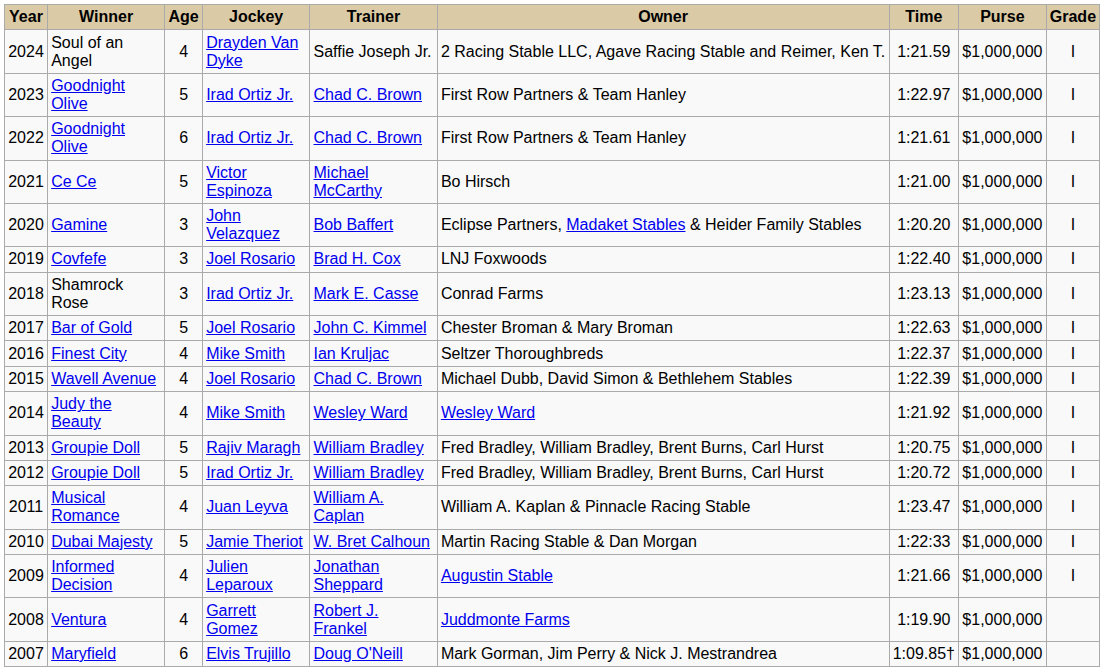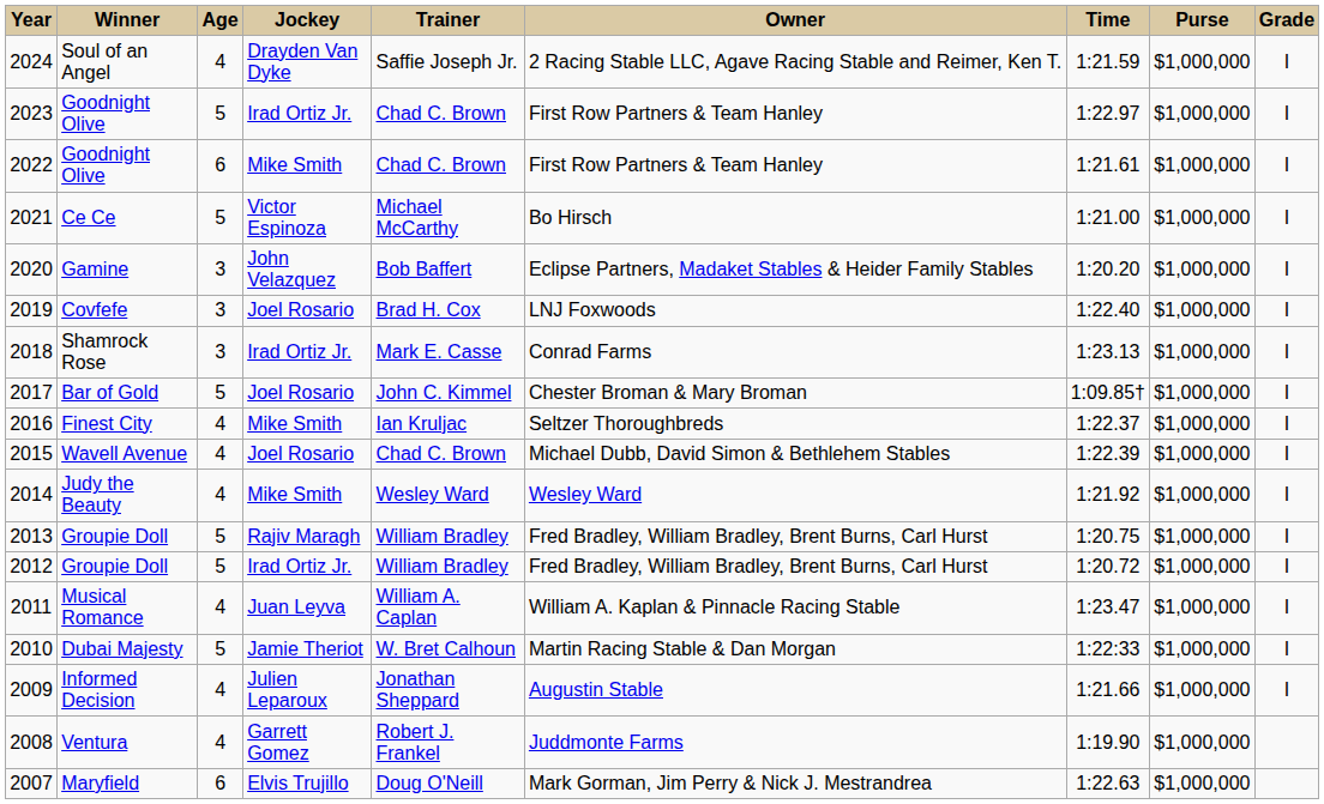 <table class="wikitable sortable">
 <tr>
 <th style="background-color:#DACAA5; width:30px">Year</th>
 <th style="background-color:#DACAA5; width:110px">Winner</th>
 <th style="background-color:#DACAA5; width:25px">Age</th>
 <th style="background-color:#DACAA5; width:100px">Jockey</th>
 <th style="background-color:#DACAA5; width:120px">Trainer</th>
 <th style="background-color:#DACAA5;">Owner</th>
 <th style="background-color:#DACAA5; width:45px">Time</th>
 <th style="background-color:#DACAA5; width:50px">Purse</th>
 <th style="background-color:#DACAA5; width:30px">Grade</th>
 </tr>
 <tr>
 <td align=center>2024</td>
 <td>Soul of an Angel</td>
 <td align=center>4</td>
 <td><a href='#'>Drayden Van Dyke </a></td>
 <td>Saffie Joseph Jr.</td>
 <td>2 Racing Stable LLC, Agave Racing Stable and Reimer, Ken T.</td>
 <td align=center>1:21.59</td>
 <td align=center>$1,000,000</td>
 <td align=center>I</td>
 </tr>
 <tr>
 <td align=center>2023</td>
 <td><a href='#'>Goodnight Olive</a></td>
 <td align=center>5</td>
 <td><a href='#'>Irad Ortiz Jr.</a></td>
 <td><a href='#'>Chad C. Brown</a></td>
 <td>First Row Partners & Team Hanley</td>
 <td align=center>1:22.97</td>
 <td align=center>$1,000,000</td>
 <td align=center>I</td>
 </tr>
 <tr>
 <td align=center>2022</td>
 <td><a href='#'>Goodnight Olive</a></td>
 <td align=center>6</td>
-<td><a href='#'>Irad Ortiz Jr.</a></td>
+<td><a href='#'>Mike Smith</a></td>
 <td><a href='#'>Chad C. Brown</a></td>
 <td>First Row Partners & Team Hanley</td>
 <td align=center>1:21.61</td>
 <td align=center>$1,000,000</td>
 <td align=center>I</td>
 </tr>
 <tr>
 <td align=center>2021</td>
 <td><a href='#'>Ce Ce</a></td>
 <td align=center>5</td>
 <td><a href='#'>Victor Espinoza</a></td>
 <td><a href='#'>Michael McCarthy</a></td>
 <td>Bo Hirsch</td>
 <td align=center>1:21.00</td>
 <td align=center>$1,000,000</td>
 <td align=center>I</td>
 </tr>
 <tr>
 <td align=center>2020</td>
 <td><a href='#'>Gamine</a></td>
 <td align=center>3</td>
 <td><a href='#'>John Velazquez</a></td>
 <td><a href='#'>Bob Baffert</a></td>
 <td>Eclipse Partners, <a href='#'>Madaket Stables</a> & Heider Family Stables</td>
 <td align=center>1:20.20</td>
 <td align=center>$1,000,000</td>
 <td align=center>I</td>
 </tr>
 <tr>
 <td align=center>2019</td>
 <td><a href='#'>Covfefe</a></td>
 <td align=center>3</td>
 <td><a href='#'>Joel Rosario</a></td>
 <td><a href='#'>Brad H. Cox</a></td>
 <td>LNJ Foxwoods</td>
 <td align=center>1:22.40</td>
 <td align=center>$1,000,000</td>
 <td align=center>I</td>
 </tr>
 <tr>
 <td align=center>2018</td>
 <td>Shamrock Rose</td>
 <td align=center>3</td>
 <td><a href='#'>Irad Ortiz Jr.</a></td>
 <td><a href='#'>Mark E. Casse</a></td>
 <td>Conrad Farms</td>
 <td align=center>1:23.13</td>
 <td align=center>$1,000,000</td>
 <td align=center>I</td>
 </tr>
 <tr>
 <td align=center>2017</td>
 <td><a href='#'>Bar of Gold</a></td>
 <td align=center>5</td>
 <td><a href='#'>Joel Rosario</a></td>
 <td><a href='#'>John C. Kimmel</a></td>
 <td>Chester Broman & Mary Broman</td>
-<td align=center>1:22.63</td>
+<td align=center>1:09.85†</td>
 <td align=center>$1,000,000</td>
 <td align=center>I</td>
 </tr>
 <tr>
 <td align=center>2016</td>
 <td><a href='#'>Finest City</a></td>
 <td align=center>4</td>
 <td><a href='#'>Mike Smith</a></td>
 <td><a href='#'>Ian Kruljac</a></td>
 <td>Seltzer Thoroughbreds</td>
 <td align=center>1:22.37</td>
 <td align=center>$1,000,000</td>
 <td align=center>I</td>
 </tr>
 <tr>
 <td align=center>2015</td>
 <td><a href='#'>Wavell Avenue</a></td>
 <td align=center>4</td>
 <td><a href='#'>Joel Rosario</a></td>
 <td><a href='#'>Chad C. Brown</a></td>
 <td>Michael Dubb, David Simon & Bethlehem Stables</td>
 <td align=center>1:22.39</td>
 <td align=center>$1,000,000</td>
 <td align=center>I</td>
 </tr>
 <tr>
 <td align=center>2014</td>
 <td><a href='#'>Judy the Beauty</a></td>
 <td align=center>4</td>
 <td><a href='#'>Mike Smith</a></td>
 <td><a href='#'>Wesley Ward</a></td>
 <td><a href='#'>Wesley Ward</a></td>
 <td align=center>1:21.92</td>
 <td align=center>$1,000,000</td>
 <td align=center>I</td>
 </tr>
 <tr>
 <td align=center>2013</td>
 <td><a href='#'>Groupie Doll</a></td>
 <td align=center>5</td>
 <td><a href='#'>Rajiv Maragh</a></td>
 <td><a href='#'>William Bradley</a></td>
 <td>Fred Bradley, William Bradley, Brent Burns, Carl Hurst</td>
 <td align=center>1:20.75</td>
 <td align=center>$1,000,000</td>
 <td align=center>I</td>
 </tr>
 <tr>
 <td align=center>2012</td>
 <td><a href='#'>Groupie Doll</a></td>
 <td align=center>5</td>
 <td><a href='#'>Irad Ortiz Jr.</a></td>
 <td><a href='#'>William Bradley</a></td>
 <td>Fred Bradley, William Bradley, Brent Burns, Carl Hurst</td>
 <td align=center>1:20.72</td>
 <td align=center>$1,000,000</td>
 <td align=center>I</td>
 </tr>
 <tr>
 <td align=center>2011</td>
 <td><a href='#'>Musical Romance</a></td>
 <td align=center>4</td>
 <td><a href='#'>Juan Leyva</a></td>
 <td><a href='#'>William A. Caplan</a></td>
 <td>William A. Kaplan & Pinnacle Racing Stable</td>
 <td align=center>1:23.47</td>
 <td align=center>$1,000,000</td>
 <td align=center>I</td>
 </tr>
 <tr>
 <td align=center>2010</td>
 <td><a href='#'>Dubai Majesty</a></td>
 <td align=center>5</td>
 <td><a href='#'>Jamie Theriot</a></td>
 <td><a href='#'>W. Bret Calhoun</a></td>
 <td>Martin Racing Stable & Dan Morgan</td>
 <td align=center>1:22:33</td>
 <td align=center>$1,000,000</td>
 <td align=center>I</td>
 </tr>
 <tr>
 <td align=center>2009</td>
 <td><a href='#'>Informed Decision</a></td>
 <td align=center>4</td>
 <td><a href='#'>Julien Leparoux</a></td>
 <td><a href='#'>Jonathan Sheppard</a></td>
 <td><a href='#'>Augustin Stable</a></td>
 <td align=center>1:21.66</td>
 <td align=center>$1,000,000</td>
 <td align=center>I</td>
 </tr>
 <tr>
 <td align=center>2008</td>
 <td><a href='#'>Ventura</a></td>
 <td align=center>4</td>
 <td><a href='#'>Garrett Gomez</a></td>
 <td><a href='#'>Robert J. Frankel</a></td>
 <td><a href='#'>Juddmonte Farms</a></td>
 <td align=center>1:19.90</td>
 <td align=center>$1,000,000</td>
 <td></td>
 </tr>
 <tr>
 <td align=center>2007</td>
 <td><a href='#'>Maryfield</a></td>
 <td align=center>6</td>
 <td><a href='#'>Elvis Trujillo</a></td>
 <td><a href='#'>Doug O'Neill</a></td>
 <td>Mark Gorman, Jim Perry & Nick J. Mestrandrea</td>
-<td align=center>1:09.85†</td>
+<td align=center>1:22.63</td>
 <td align=center>$1,000,000</td>
 <td></td>
 </tr>
 </table>
